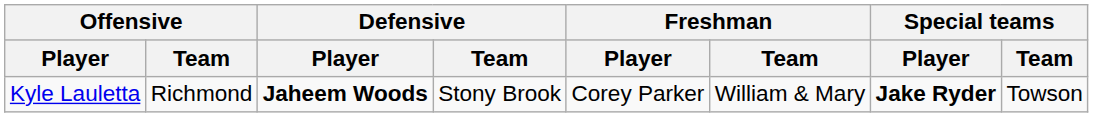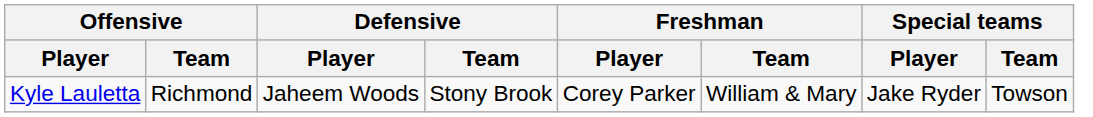 <table class="wikitable" border="1">
 <tr>
 <th colspan="2">Offensive</th>
 <th colspan="2">Defensive</th>
 <th colspan="2">Freshman</th>
 <th colspan="2">Special teams</th>
 </tr>
 <tr>
 <th>Player</th>
 <th>Team</th>
 <th>Player</th>
 <th>Team</th>
 <th>Player</th>
 <th>Team</th>
 <th>Player</th>
 <th>Team</th>
 </tr>
 <tr>
 <td><a href='#'>Kyle Lauletta</a></td>
 <td>Richmond</td>
-<td><strong>Jaheem Woods</strong></td>
+<td>Jaheem Woods</td>
 <td>Stony Brook</td>
 <td>Corey Parker</td>
 <td>William & Mary</td>
-<td><strong>Jake Ryder</strong></td>
+<td>Jake Ryder</td>
 <td>Towson</td>
 </tr>
 </table>
